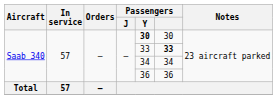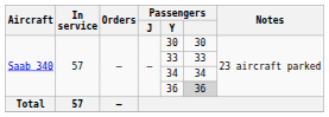 <table class="wikitable" style="border-collapse:collapse;text-align:center;margin:1em auto;">
 <tr>
 <th rowspan=2>Aircraft</th>
 <th rowspan=2>In<br>service</th>
 <th rowspan=2>Orders</th>
 <th colspan=3>Passengers<br><small></small></th>
 <th rowspan=2>Notes</th>
 </tr>
 <tr>
 <th style="width:25px;"><abbr>J</abbr></th>
 <th style="width:25px;"><abbr>Y</abbr></th>
 <th style="width:40px;"></th>
 </tr>
 <tr>
 <td rowspan=4><a href='#'>Saab 340</a></td>
 <td rowspan=4>57</td>
 <td rowspan=4>—</td>
 <td rowspan=4>—</td>
-<td><strong>30</strong></td>
+<td>30</td>
 <td>30</td>
 <td rowspan=4>23 aircraft parked</td>
 </tr>
 <tr>
 <td>33</td>
-<td><strong>33</strong></td>
+<td>33</td>
 </tr>
 <tr>
 <td>34</td>
 <td>34</td>
 </tr>
 <tr>
 <td>36</td>
-<td>36</td>
+<td style="background: lightgrey;">36</td>
 </tr>
 <tr>
 <th>Total</th>
 <th>57</th>
 <th>—</th>
 <th colspan=4></th>
 </tr>
 <tr>
 </tr>
 </table>
